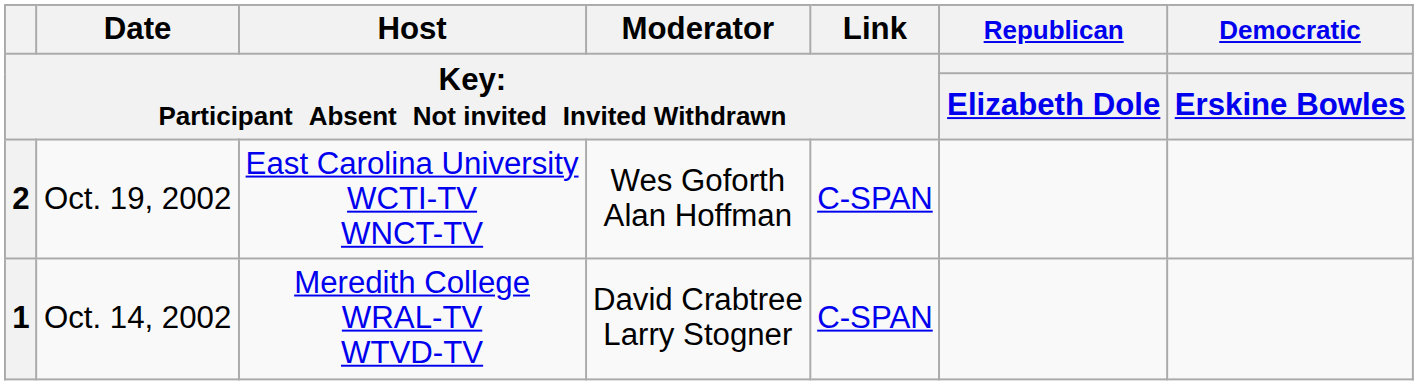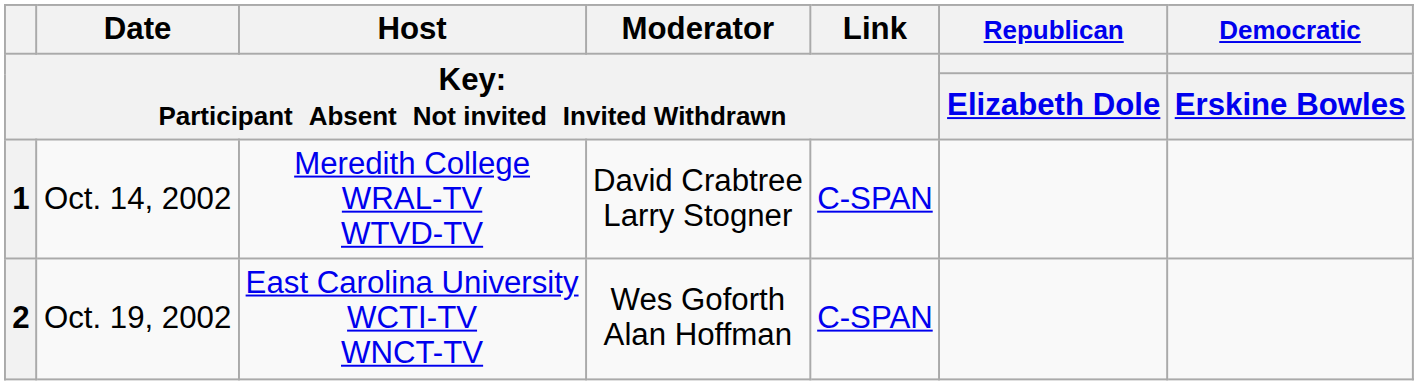 <table class="wikitable" style="text-align:center;">
 <tr>
 <th scope="col"></th>
 <th scope="col">Date</th>
 <th scope="col">Host</th>
 <th scope="col">Moderator</th>
 <th scope="col">Link</th>
 <th scope="col"><small><a href='#'>Republican</a></small></th>
 <th scope="col"><small><a href='#'>Democratic</a></small></th>
 </tr>
 <tr>
 <th colspan="5" rowspan="2">Key:<br> <small>Participant </small>  <small>Absent </small>  <small>Not invited </small>  <small>Invited  Withdrawn</small></th>
 <th scope="col" style="background:"></th>
 <th scope="col" style="background:"></th>
 </tr>
 <tr>
 <th scope="col"><a href='#'>Elizabeth Dole</a></th>
 <th scope="col"><a href='#'>Erskine Bowles</a></th>
 </tr>
 <tr>
+<th>1</th>
+<td style="white-space:nowrap;">Oct. 14, 2002</td>
+<td style="white-space:nowrap;"><a href='#'>Meredith College</a><br><a href='#'>WRAL-TV</a><br><a href='#'>WTVD-TV</a></td>
+<td style="white-space:nowrap;">David Crabtree<br>Larry Stogner</td>
+<td style="white-space:nowrap;"><a href='#'>C-SPAN</a></td>
+<td></td>
+<td></td>
+</tr>
+<tr>
 <th>2</th>
 <td style="white-space:nowrap;">Oct. 19, 2002</td>
 <td style="white-space:nowrap;"><a href='#'>East Carolina University</a><br><a href='#'>WCTI-TV</a><br><a href='#'>WNCT-TV</a></td>
 <td style="white-space:nowrap;">Wes Goforth<br>Alan Hoffman</td>
 <td style="white-space:nowrap;"><a href='#'>C-SPAN</a></td>
 <td></td>
 <td></td>
 </tr>
-<tr>
-<th>1</th>
-<td style="white-space:nowrap;">Oct. 14, 2002</td>
-<td style="white-space:nowrap;"><a href='#'>Meredith College</a><br><a href='#'>WRAL-TV</a><br><a href='#'>WTVD-TV</a></td>
-<td style="white-space:nowrap;">David Crabtree<br>Larry Stogner</td>
-<td style="white-space:nowrap;"><a href='#'>C-SPAN</a></td>
-<td></td>
-<td></td>
-</tr>
 </table>
